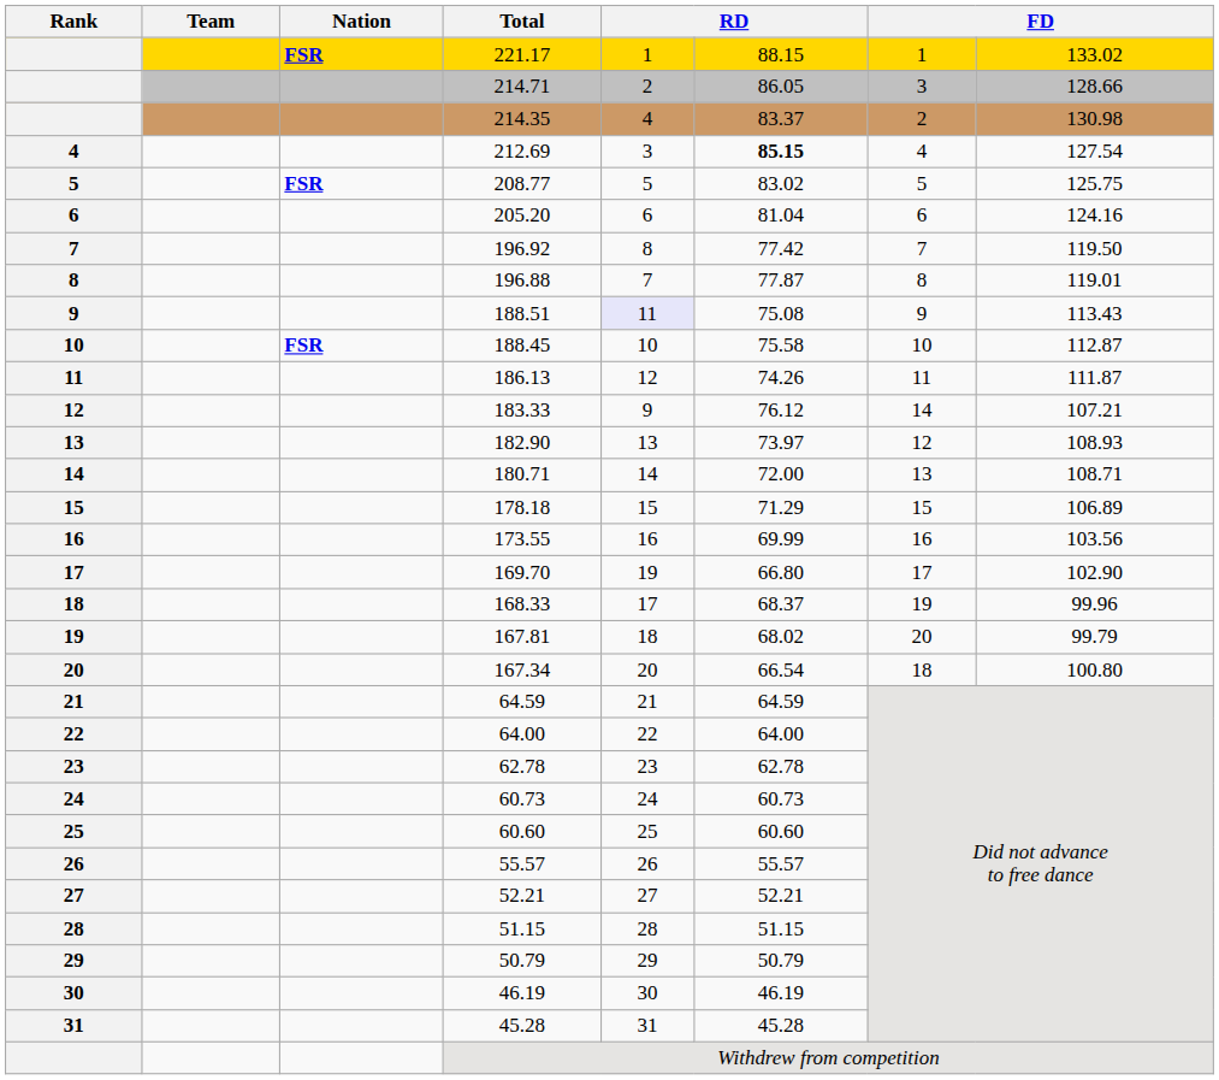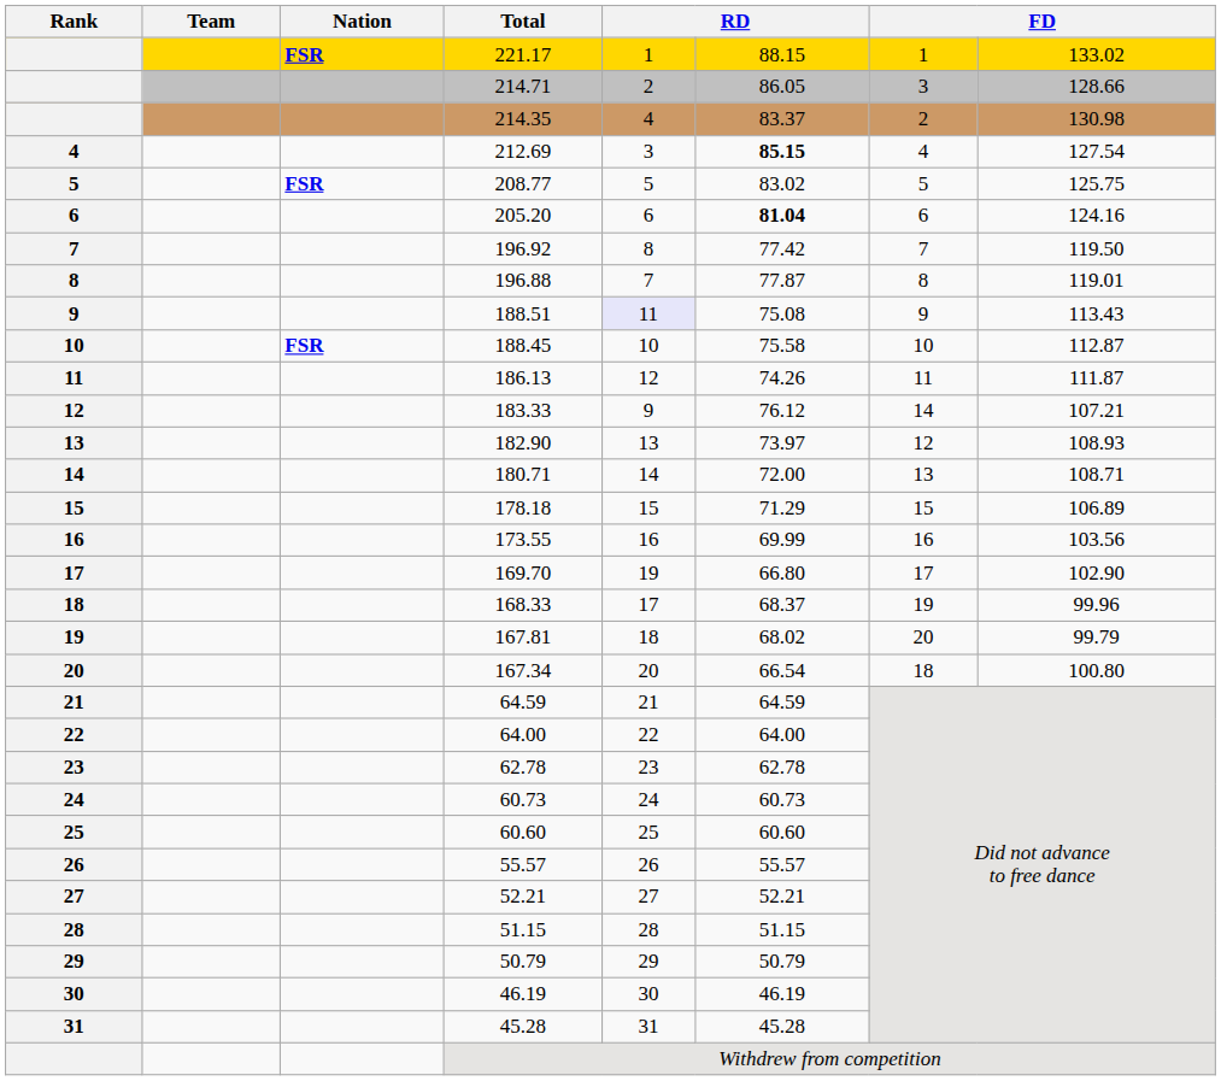 <table class="wikitable sortable" style="text-align:center; width:75%">
 <tr>
 <th scope="col">Rank</th>
 <th scope="col">Team</th>
 <th scope="col">Nation</th>
 <th scope="col">Total</th>
 <th colspan="2" width="80px"><a href='#'>RD</a></th>
 <th colspan="2" width="80px"><a href='#'>FD</a></th>
 </tr>
 <tr bgcolor="gold">
 <th scope="row"></th>
 <td align="left"></td>
 <td align="left"><strong><a href='#'>FSR</a></strong></td>
 <td>221.17</td>
 <td>1</td>
 <td>88.15</td>
 <td>1</td>
 <td>133.02</td>
 </tr>
 <tr bgcolor="silver">
 <th scope="row"></th>
 <td align="left"></td>
 <td align="left"></td>
 <td>214.71</td>
 <td>2</td>
 <td>86.05</td>
 <td>3</td>
 <td>128.66</td>
 </tr>
 <tr bgcolor="#cc9966">
 <th scope="row"></th>
 <td align="left"></td>
 <td align="left"></td>
 <td>214.35</td>
 <td>4</td>
 <td>83.37</td>
 <td>2</td>
 <td>130.98</td>
 </tr>
 <tr>
 <th scope="row">4</th>
 <td align="left"></td>
 <td align="left"></td>
 <td>212.69</td>
 <td>3</td>
 <td><strong>85.15</strong></td>
 <td>4</td>
 <td>127.54</td>
 </tr>
 <tr>
 <th scope="row">5</th>
 <td align="left"></td>
 <td align="left"><strong><a href='#'>FSR</a></strong></td>
 <td>208.77</td>
 <td>5</td>
 <td>83.02</td>
 <td>5</td>
 <td>125.75</td>
 </tr>
 <tr>
 <th scope="row">6</th>
 <td align="left"></td>
 <td align="left"></td>
 <td>205.20</td>
 <td>6</td>
-<td>81.04</td>
+<td><strong>81.04</strong></td>
 <td>6</td>
 <td>124.16</td>
 </tr>
 <tr>
 <th scope="row">7</th>
 <td align="left"></td>
 <td align="left"></td>
 <td>196.92</td>
 <td>8</td>
 <td>77.42</td>
 <td>7</td>
 <td>119.50</td>
 </tr>
 <tr>
 <th scope="row">8</th>
 <td align="left"></td>
 <td align="left"></td>
 <td>196.88</td>
 <td>7</td>
 <td>77.87</td>
 <td>8</td>
 <td>119.01</td>
 </tr>
 <tr>
 <th scope="row">9</th>
 <td align="left"></td>
 <td align="left"></td>
 <td>188.51</td>
 <td style="background: lavender;">11</td>
 <td>75.08</td>
 <td>9</td>
 <td>113.43</td>
 </tr>
 <tr>
 <th scope="row">10</th>
 <td align="left"></td>
 <td align="left"><strong><a href='#'>FSR</a></strong></td>
 <td>188.45</td>
 <td>10</td>
 <td>75.58</td>
 <td>10</td>
 <td>112.87</td>
 </tr>
 <tr>
 <th scope="row">11</th>
 <td align="left"></td>
 <td align="left"></td>
 <td>186.13</td>
 <td>12</td>
 <td>74.26</td>
 <td>11</td>
 <td>111.87</td>
 </tr>
 <tr>
 <th scope="row">12</th>
 <td align="left"></td>
 <td align="left"></td>
 <td>183.33</td>
 <td>9</td>
 <td>76.12</td>
 <td>14</td>
 <td>107.21</td>
 </tr>
 <tr>
 <th scope="row">13</th>
 <td align="left"></td>
 <td align="left"></td>
 <td>182.90</td>
 <td>13</td>
 <td>73.97</td>
 <td>12</td>
 <td>108.93</td>
 </tr>
 <tr>
 <th scope="row">14</th>
 <td align="left"></td>
 <td align="left"></td>
 <td>180.71</td>
 <td>14</td>
 <td>72.00</td>
 <td>13</td>
 <td>108.71</td>
 </tr>
 <tr>
 <th scope="row">15</th>
 <td align="left"></td>
 <td align="left"></td>
 <td>178.18</td>
 <td>15</td>
 <td>71.29</td>
 <td>15</td>
 <td>106.89</td>
 </tr>
 <tr>
 <th scope="row">16</th>
 <td align="left"></td>
 <td align="left"></td>
 <td>173.55</td>
 <td>16</td>
 <td>69.99</td>
 <td>16</td>
 <td>103.56</td>
 </tr>
 <tr>
 <th scope="row">17</th>
 <td align="left"></td>
 <td align="left"></td>
 <td>169.70</td>
 <td>19</td>
 <td>66.80</td>
 <td>17</td>
 <td>102.90</td>
 </tr>
 <tr>
 <th scope="row">18</th>
 <td align="left"></td>
 <td align="left"></td>
 <td>168.33</td>
 <td>17</td>
 <td>68.37</td>
 <td>19</td>
 <td>99.96</td>
 </tr>
 <tr>
 <th scope="row">19</th>
 <td align="left"></td>
 <td align="left"></td>
 <td>167.81</td>
 <td>18</td>
 <td>68.02</td>
 <td>20</td>
 <td>99.79</td>
 </tr>
 <tr>
 <th scope="row">20</th>
 <td align="left"></td>
 <td align="left"></td>
 <td>167.34</td>
 <td>20</td>
 <td>66.54</td>
 <td>18</td>
 <td>100.80</td>
 </tr>
 <tr>
 <th scope="row">21</th>
 <td align="left"></td>
 <td align="left"></td>
 <td>64.59</td>
 <td>21</td>
 <td>64.59</td>
 <td colspan="2" rowspan="11" align="center" bgcolor="e5e4e2"><em>Did not advance<br>to free dance</em></td>
 </tr>
 <tr>
 <th scope="row">22</th>
 <td align="left"></td>
 <td align="left"></td>
 <td>64.00</td>
 <td>22</td>
 <td>64.00</td>
 </tr>
 <tr>
 <th scope="row">23</th>
 <td align="left"></td>
 <td align="left"></td>
 <td>62.78</td>
 <td>23</td>
 <td>62.78</td>
 </tr>
 <tr>
 <th scope="row">24</th>
 <td align="left"></td>
 <td align="left"></td>
 <td>60.73</td>
 <td>24</td>
 <td>60.73</td>
 </tr>
 <tr>
 <th scope="row">25</th>
 <td align="left"></td>
 <td align="left"></td>
 <td>60.60</td>
 <td>25</td>
 <td>60.60</td>
 </tr>
 <tr>
 <th scope="row">26</th>
 <td align="left"></td>
 <td align="left"></td>
 <td>55.57</td>
 <td>26</td>
 <td>55.57</td>
 </tr>
 <tr>
 <th scope="row">27</th>
 <td align="left"></td>
 <td align="left"></td>
 <td>52.21</td>
 <td>27</td>
 <td>52.21</td>
 </tr>
 <tr>
 <th scope="row">28</th>
 <td align="left"></td>
 <td align="left"></td>
 <td>51.15</td>
 <td>28</td>
 <td>51.15</td>
 </tr>
 <tr>
 <th scope="row">29</th>
 <td align="left"></td>
 <td align="left"></td>
 <td>50.79</td>
 <td>29</td>
 <td>50.79</td>
 </tr>
 <tr>
 <th scope="row">30</th>
 <td align="left"></td>
 <td align="left"></td>
 <td>46.19</td>
 <td>30</td>
 <td>46.19</td>
 </tr>
 <tr>
 <th scope="row">31</th>
 <td align="left"></td>
 <td align="left"></td>
 <td>45.28</td>
 <td>31</td>
 <td>45.28</td>
 </tr>
 <tr>
 <th scope="row"></th>
 <td align="left"></td>
 <td align="left"></td>
 <td colspan="5" align="center" bgcolor="e5e4e2"><em>Withdrew from competition</em></td>
 </tr>
 </table>
